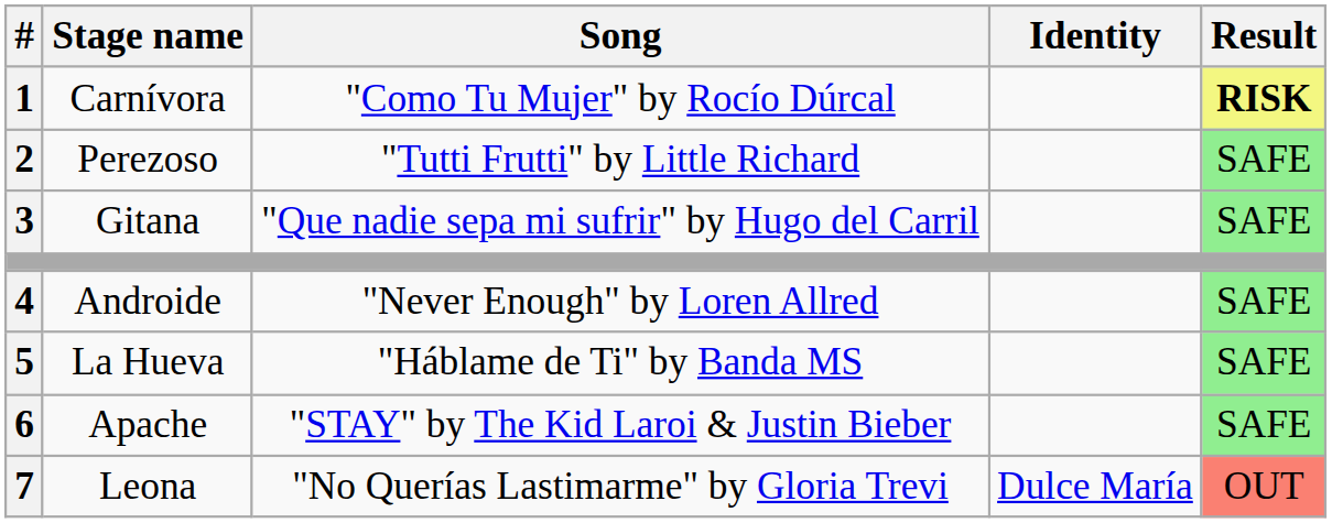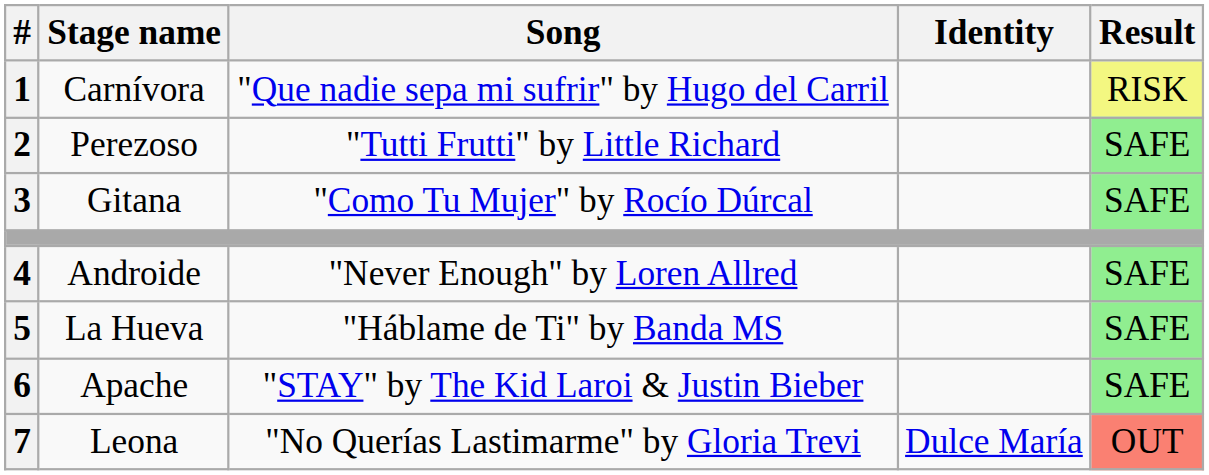 <table class="wikitable plainrowheaders" style="text-align: center;">
 <tr>
 <th>#</th>
 <th>Stage name</th>
 <th>Song</th>
 <th>Identity</th>
 <th>Result</th>
 </tr>
 <tr>
 <th>1</th>
 <td>Carnívora</td>
-<td>"<a href='#'>Como Tu Mujer</a>" by <a href='#'>Rocío Dúrcal</a></td>
+<td>"<a href='#'>Que nadie sepa mi sufrir</a>" by <a href='#'>Hugo del Carril</a></td>
 <td></td>
-<td bgcolor=#F3F781><strong>RISK</strong></td>
+<td bgcolor=#F3F781>RISK</td>
 </tr>
 <tr>
 <th>2</th>
 <td>Perezoso</td>
 <td>"<a href='#'>Tutti Frutti</a>" by <a href='#'>Little Richard</a></td>
 <td></td>
 <td bgcolor=lightgreen>SAFE</td>
 </tr>
 <tr>
 <th>3</th>
 <td>Gitana</td>
-<td>"<a href='#'>Que nadie sepa mi sufrir</a>" by <a href='#'>Hugo del Carril</a></td>
+<td>"<a href='#'>Como Tu Mujer</a>" by <a href='#'>Rocío Dúrcal</a></td>
 <td></td>
 <td bgcolor=lightgreen>SAFE</td>
 </tr>
 <tr>
 <td colspan="5" style="background:darkgray"></td>
 </tr>
 <tr>
 <th>4</th>
 <td>Androide</td>
 <td>"Never Enough" by <a href='#'>Loren Allred</a></td>
 <td></td>
 <td bgcolor=lightgreen>SAFE</td>
 </tr>
 <tr>
 <th>5</th>
 <td>La Hueva</td>
 <td>"Háblame de Ti" by <a href='#'>Banda MS</a></td>
 <td></td>
 <td bgcolor=lightgreen>SAFE</td>
 </tr>
 <tr>
 <th>6</th>
 <td>Apache</td>
 <td>"<a href='#'>STAY</a>" by <a href='#'>The Kid Laroi</a> & <a href='#'>Justin Bieber</a></td>
 <td></td>
 <td bgcolor=lightgreen>SAFE</td>
 </tr>
 <tr>
 <th>7</th>
 <td>Leona</td>
 <td>"No Querías Lastimarme" by <a href='#'>Gloria Trevi</a></td>
 <td><a href='#'>Dulce María</a></td>
 <td bgcolor=salmon>OUT</td>
 </tr>
 </table>
